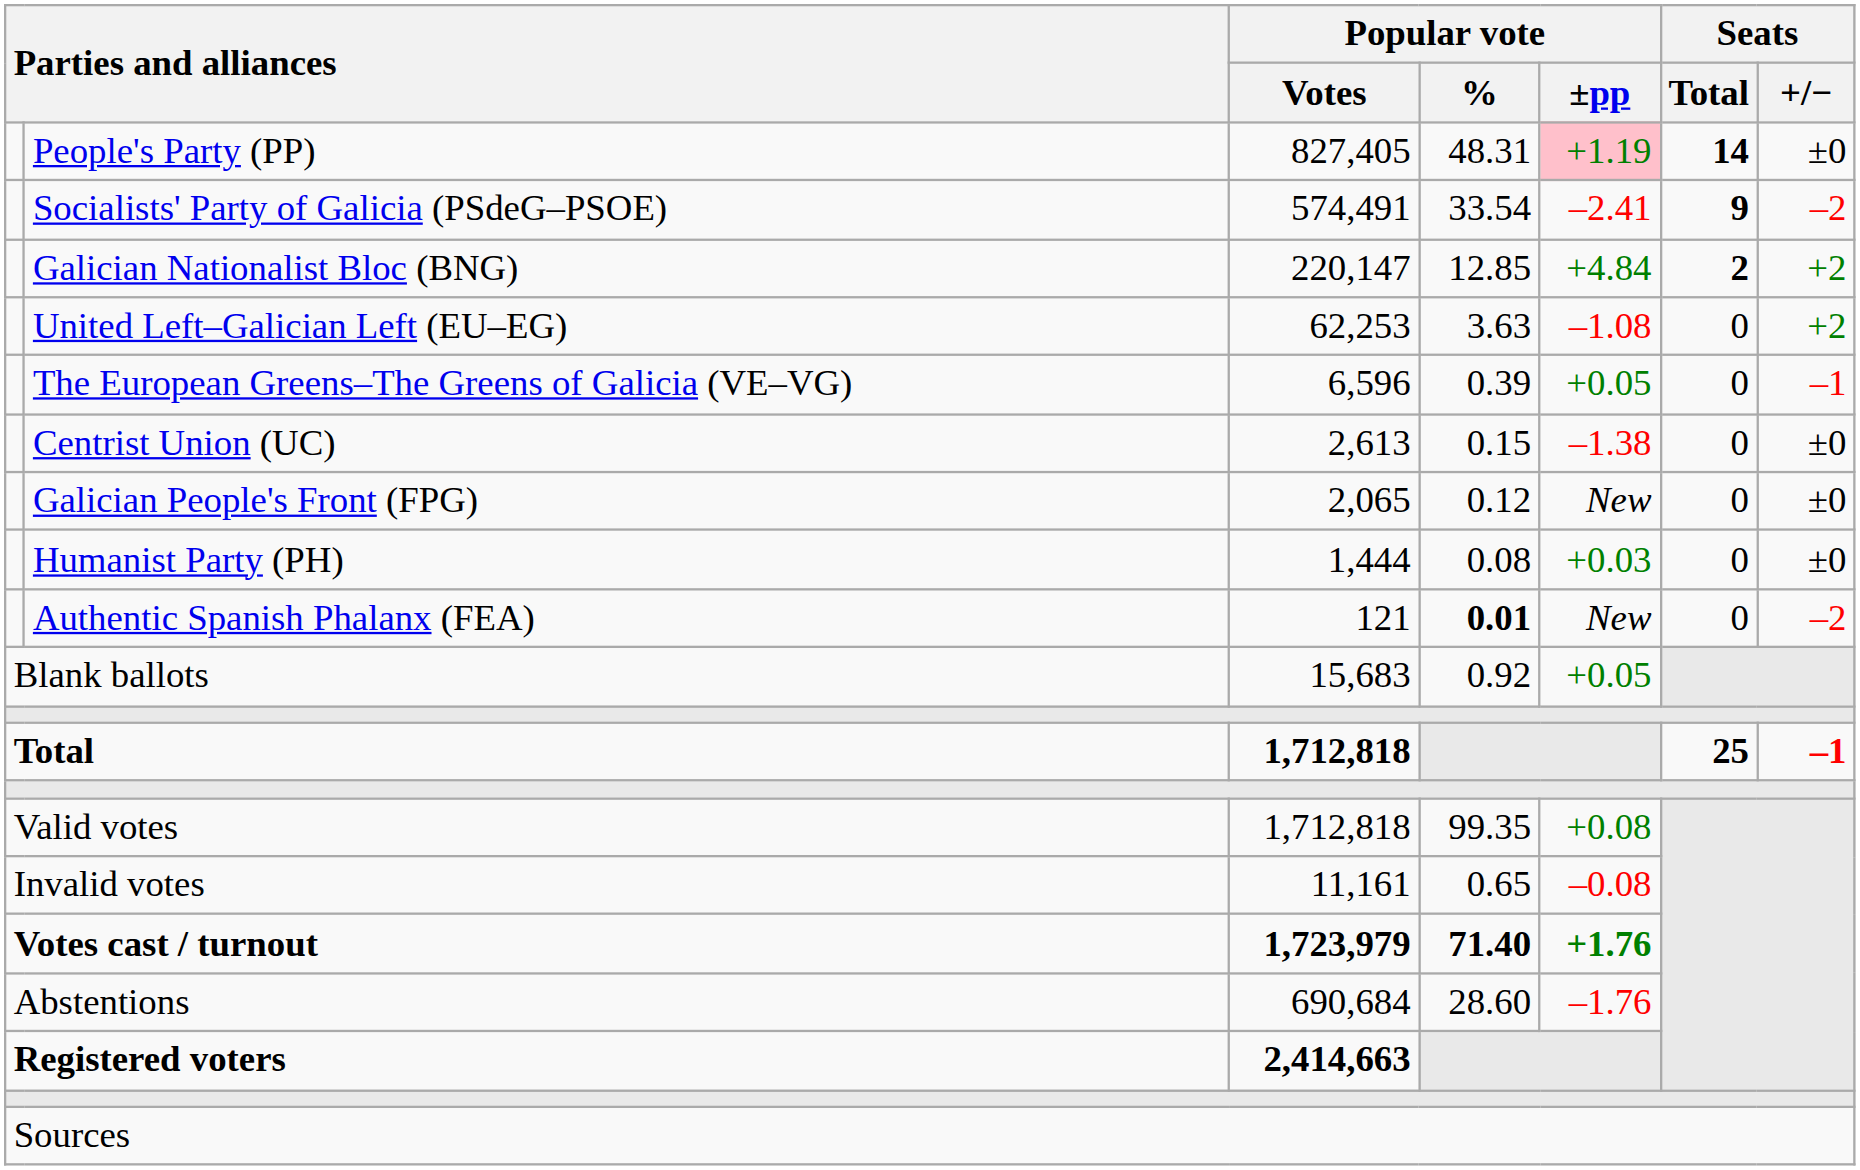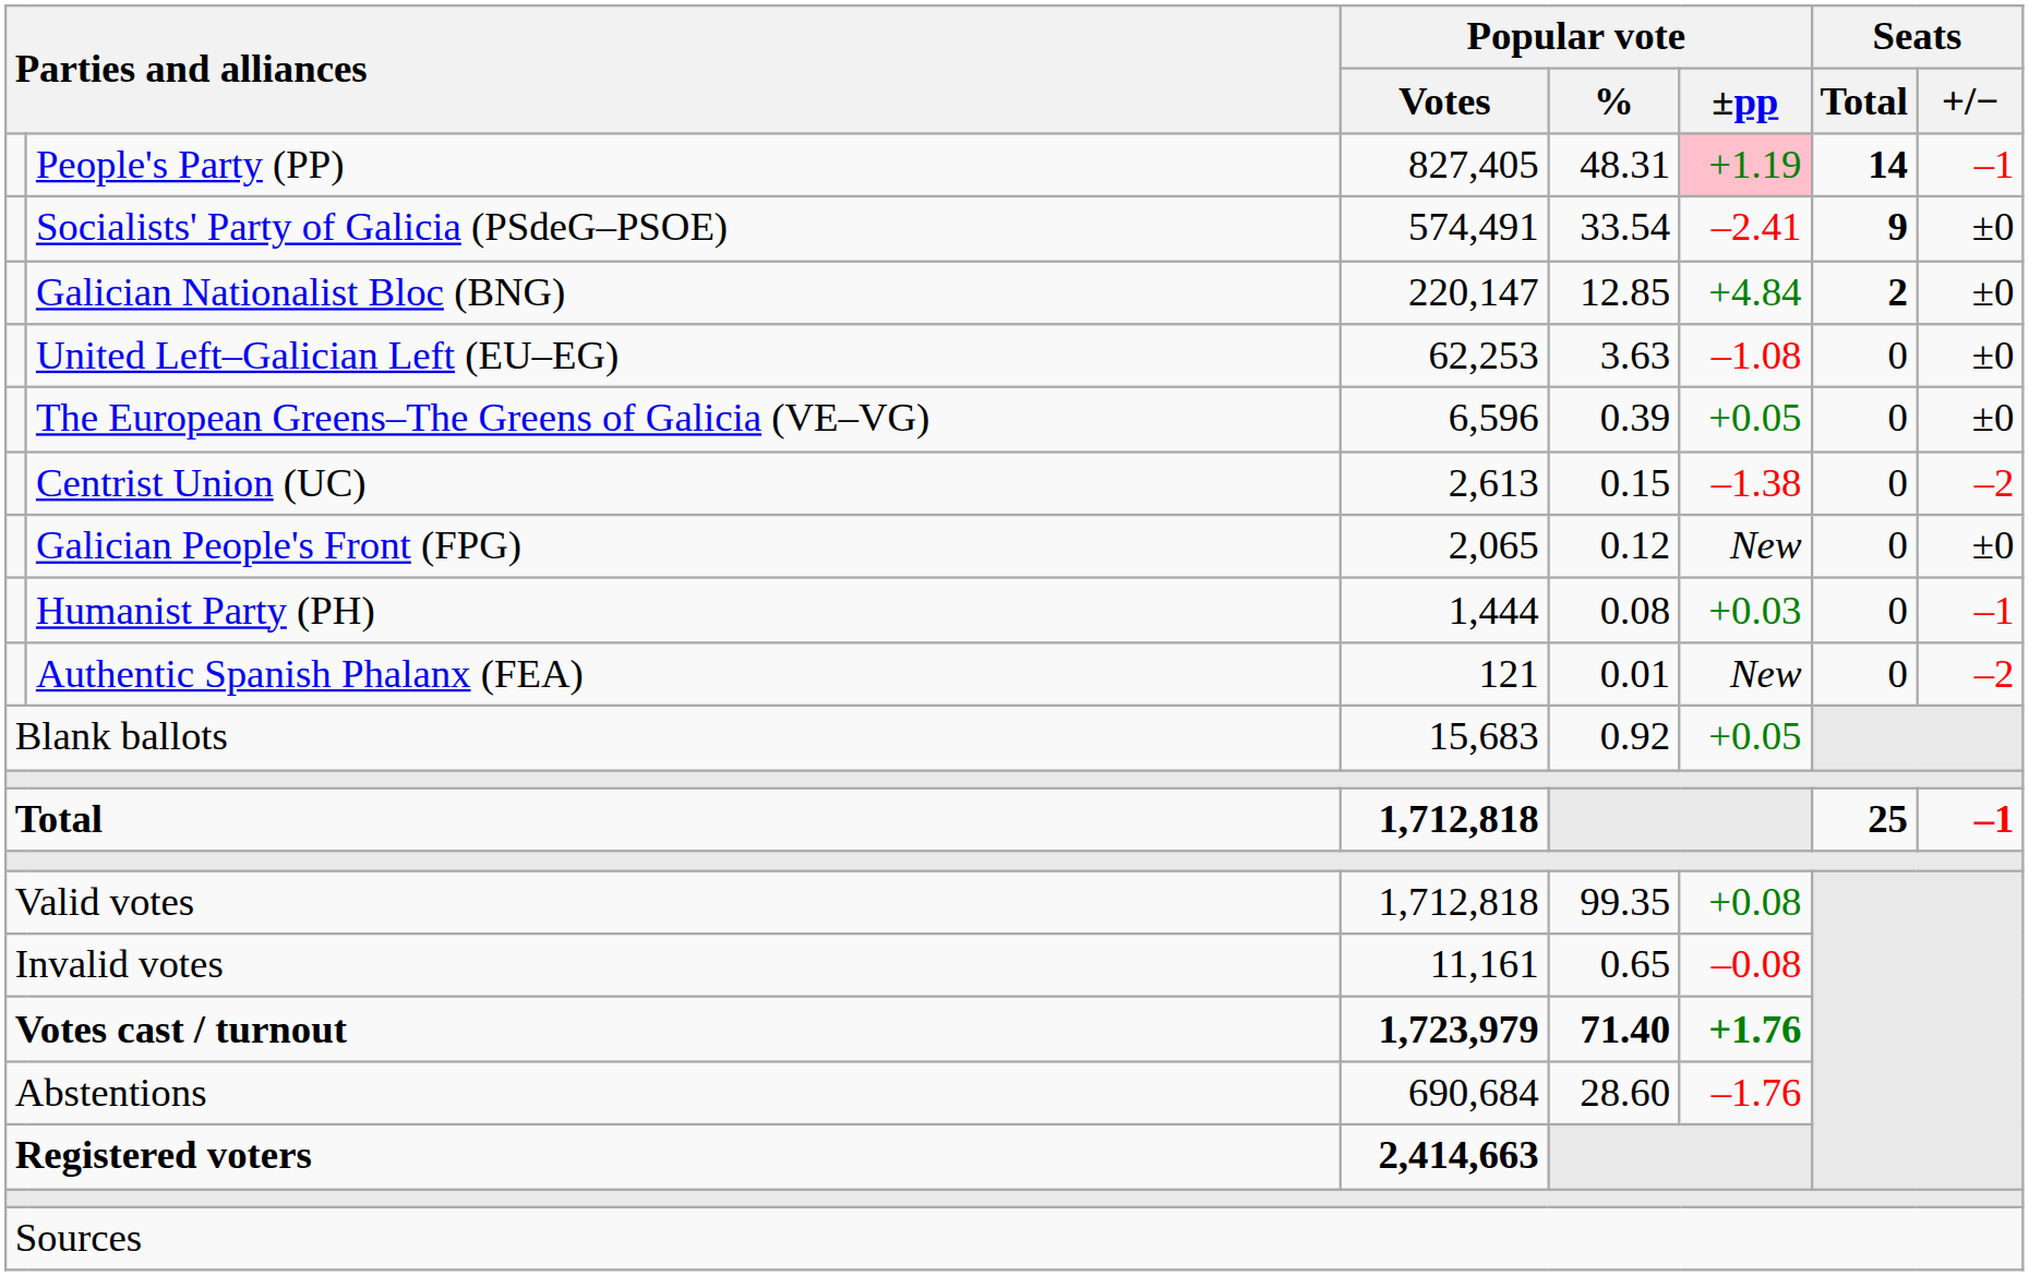 <table class="wikitable" style="text-align:right;">
 <tr>
 <th style="text-align:left;" rowspan="2" colspan="2" width="525">Parties and alliances</th>
 <th colspan="3">Popular vote</th>
 <th colspan="2">Seats</th>
 </tr>
 <tr>
 <th width="75">Votes</th>
 <th width="45">%</th>
 <th width="45">±<a href='#'>pp</a></th>
 <th width="35">Total</th>
 <th width="35">+/−</th>
 </tr>
 <tr>
 <td width="1" style="color:inherit;background:"></td>
 <td align="left"><a href='#'>People's Party</a> (PP)</td>
 <td>827,405</td>
 <td>48.31</td>
 <td style="background: pink; color:green;">+1.19</td>
 <td><strong>14</strong></td>
-<td>±0</td>
+<td style="color:red;">–1</td>
 </tr>
 <tr>
 <td style="color:inherit;background:"></td>
 <td align="left"><a href='#'>Socialists' Party of Galicia</a> (PSdeG–PSOE)</td>
 <td>574,491</td>
 <td>33.54</td>
 <td style="color:red;">–2.41</td>
 <td><strong>9</strong></td>
-<td style="color:red;">–2</td>
+<td>±0</td>
 </tr>
 <tr>
 <td style="color:inherit;background:"></td>
 <td align="left"><a href='#'>Galician Nationalist Bloc</a> (BNG)</td>
 <td>220,147</td>
 <td>12.85</td>
 <td style="color:green;">+4.84</td>
 <td><strong>2</strong></td>
-<td style="color:green;">+2</td>
+<td>±0</td>
 </tr>
 <tr>
 <td style="color:inherit;background:"></td>
 <td align="left"><a href='#'>United Left–Galician Left</a> (EU–EG)</td>
 <td>62,253</td>
 <td>3.63</td>
 <td style="color:red;">–1.08</td>
 <td>0</td>
-<td style="color:green;">+2</td>
+<td>±0</td>
 </tr>
 <tr>
 <td style="color:inherit;background:"></td>
 <td align="left"><a href='#'>The European Greens–The Greens of Galicia</a> (VE–VG)</td>
 <td>6,596</td>
 <td>0.39</td>
 <td style="color:green;">+0.05</td>
 <td>0</td>
-<td style="color:red;">–1</td>
+<td>±0</td>
 </tr>
 <tr>
 <td style="color:inherit;background:"></td>
 <td align="left"><a href='#'>Centrist Union</a> (UC)</td>
 <td>2,613</td>
 <td>0.15</td>
 <td style="color:red;">–1.38</td>
 <td>0</td>
-<td>±0</td>
+<td style="color:red;">–2</td>
 </tr>
 <tr>
 <td style="color:inherit;background:"></td>
 <td align="left"><a href='#'>Galician People's Front</a> (FPG)</td>
 <td>2,065</td>
 <td>0.12</td>
 <td><em>New</em></td>
 <td>0</td>
 <td>±0</td>
 </tr>
 <tr>
 <td style="color:inherit;background:"></td>
 <td align="left"><a href='#'>Humanist Party</a> (PH)</td>
 <td>1,444</td>
 <td>0.08</td>
 <td style="color:green;">+0.03</td>
 <td>0</td>
-<td>±0</td>
+<td style="color:red;">–1</td>
 </tr>
 <tr>
 <td style="color:inherit;background:"></td>
 <td align="left"><a href='#'>Authentic Spanish Phalanx</a> (FEA)</td>
 <td>121</td>
-<td><strong>0.01</strong></td>
+<td>0.01</td>
 <td><em>New</em></td>
 <td>0</td>
 <td style="color:red;">–2</td>
 </tr>
 <tr>
 <td align="left" colspan="2">Blank ballots</td>
 <td>15,683</td>
 <td>0.92</td>
 <td style="color:green;">+0.05</td>
 <td bgcolor="#E9E9E9" colspan="2"></td>
 </tr>
 <tr>
 <td colspan="7" bgcolor="#E9E9E9"></td>
 </tr>
 <tr style="font-weight:bold;">
 <td align="left" colspan="2">Total</td>
 <td>1,712,818</td>
 <td bgcolor="#E9E9E9" colspan="2"></td>
 <td>25</td>
 <td style="color:red;">–1</td>
 </tr>
 <tr>
 <td colspan="7" bgcolor="#E9E9E9"></td>
 </tr>
 <tr>
 <td align="left" colspan="2">Valid votes</td>
 <td>1,712,818</td>
 <td>99.35</td>
 <td style="color:green;">+0.08</td>
 <td bgcolor="#E9E9E9" colspan="2" rowspan="5"></td>
 </tr>
 <tr>
 <td align="left" colspan="2">Invalid votes</td>
 <td>11,161</td>
 <td>0.65</td>
 <td style="color:red;">–0.08</td>
 </tr>
 <tr style="font-weight:bold;">
 <td align="left" colspan="2">Votes cast / turnout</td>
 <td>1,723,979</td>
 <td>71.40</td>
 <td style="color:green;">+1.76</td>
 </tr>
 <tr>
 <td align="left" colspan="2">Abstentions</td>
 <td>690,684</td>
 <td>28.60</td>
 <td style="color:red;">–1.76</td>
 </tr>
 <tr style="font-weight:bold;">
 <td align="left" colspan="2">Registered voters</td>
 <td>2,414,663</td>
 <td bgcolor="#E9E9E9" colspan="2"></td>
 </tr>
 <tr>
 <td colspan="7" bgcolor="#E9E9E9"></td>
 </tr>
 <tr>
 <td align="left" colspan="7">Sources</td>
 </tr>
 </table>
